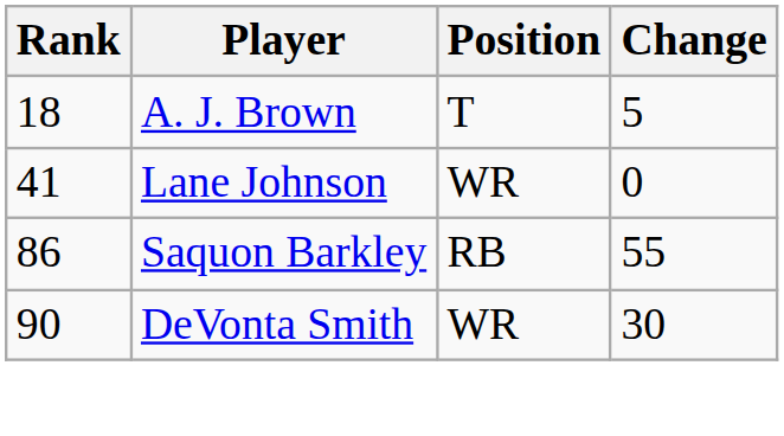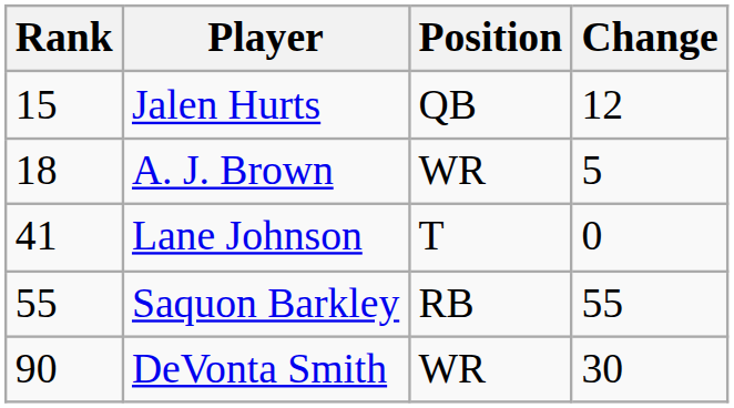 <table class="wikitable">
 <tr>
 <th>Rank</th>
 <th>Player</th>
 <th>Position</th>
 <th>Change</th>
 </tr>
 <tr>
+<td>15</td>
+<td><a href='#'>Jalen Hurts</a></td>
+<td>QB</td>
+<td>12</td>
+</tr>
+<tr>
 <td>18</td>
 <td><a href='#'>A. J. Brown</a></td>
-<td>T</td>
+<td>WR</td>
 <td>5</td>
 </tr>
 <tr>
 <td>41</td>
 <td><a href='#'>Lane Johnson</a></td>
-<td>WR</td>
+<td>T</td>
 <td>0</td>
 </tr>
 <tr>
-<td>86</td>
+<td>55</td>
 <td><a href='#'>Saquon Barkley</a></td>
 <td>RB</td>
 <td>55</td>
 </tr>
 <tr>
 <td>90</td>
 <td><a href='#'>DeVonta Smith</a></td>
 <td>WR</td>
 <td>30</td>
 </tr>
 </table>
